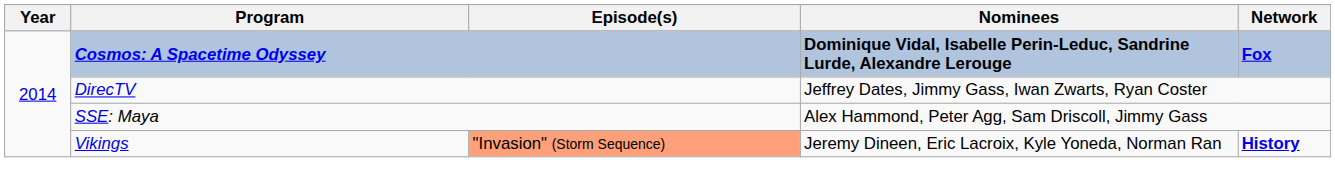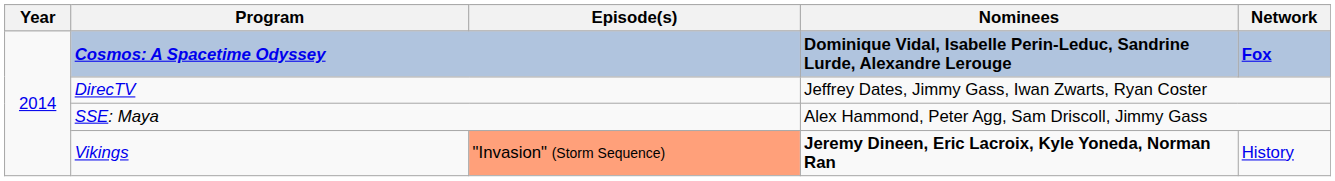 <table class="wikitable" style="width:100%">
 <tr bgcolor="#bebebe">
 <th width="5%">Year</th>
 <th width="30%">Program</th>
 <th width="25%">Episode(s)</th>
 <th width="33%">Nominees</th>
 <th width="8%">Network</th>
 </tr>
 <tr>
 <td rowspan="6" style="text-align:center;"><a href='#'>2014</a><br></td>
 <td style="background:#B0C4DE;" colspan="2"><strong><em><a href='#'>Cosmos: A Spacetime Odyssey</a></em></strong></td>
 <td style="background:#B0C4DE;"><strong>Dominique Vidal, Isabelle Perin-Leduc, Sandrine Lurde, Alexandre Lerouge</strong></td>
 <td style="background:#B0C4DE;"><strong><a href='#'>Fox</a></strong></td>
 </tr>
 <tr>
 <td colspan="2'"><em><a href='#'>DirecTV</a></em></td>
 <td colspan="2">Jeffrey Dates, Jimmy Gass, Iwan Zwarts, Ryan Coster</td>
 </tr>
 <tr>
 <td colspan="2'"><em><a href='#'>SSE</a>: Maya</em></td>
 <td colspan="2">Alex Hammond, Peter Agg, Sam Driscoll, Jimmy Gass</td>
 </tr>
 <tr>
 <td><em><a href='#'>Vikings</a></em></td>
 <td style="background: lightsalmon;">"Invasion" <small>(Storm Sequence)</small></td>
-<td>Jeremy Dineen, Eric Lacroix, Kyle Yoneda, Norman Ran</td>
-<td><strong><a href='#'>History</a></strong></td>
+<td><strong>Jeremy Dineen, Eric Lacroix, Kyle Yoneda, Norman Ran</strong></td>
+<td><a href='#'>History</a></td>
 </tr>
 </table>
